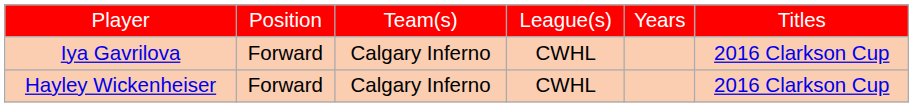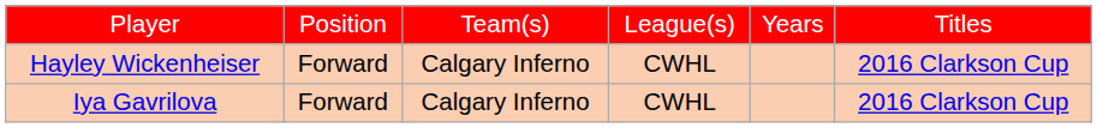 <table class="wikitable" width="80%">
 <tr align="center" style="background:red;color:#FFFFFF;">
 <td>Player</td>
 <td>Position</td>
 <td>Team(s)</td>
 <td>League(s)</td>
 <td>Years</td>
 <td>Titles</td>
 </tr>
 <tr align="center" bgcolor="FBCEB1">
+<td><a href='#'>Hayley Wickenheiser</a></td>
+<td>Forward</td>
+<td>Calgary Inferno</td>
+<td>CWHL</td>
+<td></td>
+<td><a href='#'>2016 Clarkson Cup</a></td>
+</tr>
+<tr align="center" bgcolor="FBCEB1">
 <td><a href='#'>Iya Gavrilova</a></td>
 <td>Forward</td>
 <td>Calgary Inferno</td>
 <td>CWHL</td>
 <td></td>
 <td><a href='#'>2016 Clarkson Cup</a></td>
 </tr>
-<tr align="center" bgcolor="FBCEB1">
-<td><a href='#'>Hayley Wickenheiser</a></td>
-<td>Forward</td>
-<td>Calgary Inferno</td>
-<td>CWHL</td>
-<td></td>
-<td><a href='#'>2016 Clarkson Cup</a></td>
-</tr>
 </table>
